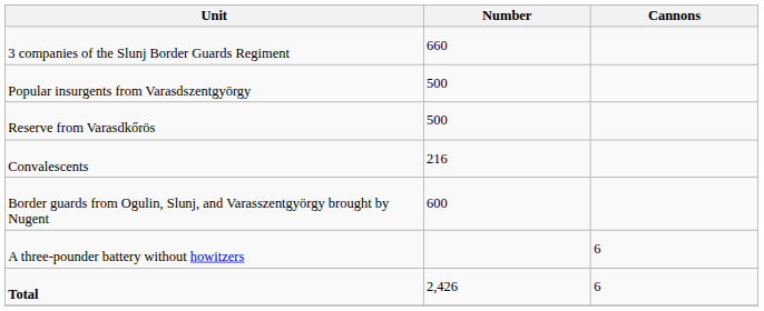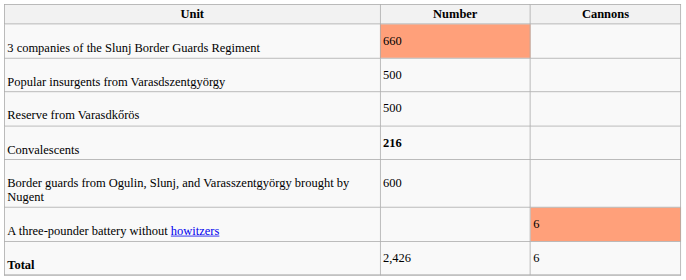 <table class="wikitable">
 <tr>
 <th width=25%>Unit</th>
 <th width=10%>Number</th>
 <th width=10%>Cannons</th>
 </tr>
 <tr>
 <td><br>3 companies of the Slunj Border Guards Regiment</td>
-<td>660</td>
+<td style="background: lightsalmon;">660</td>
 <td></td>
 </tr>
 <tr>
 <td><br>Popular insurgents from Varasdszentgyörgy</td>
 <td>500</td>
 <td></td>
 </tr>
 <tr>
 <td><br>Reserve from Varasdkőrös</td>
 <td>500</td>
 <td></td>
 </tr>
 <tr>
 <td><br>Convalescents</td>
-<td>216</td>
+<td><strong>216</strong></td>
 <td></td>
 </tr>
 <tr>
 <td><br>Border guards from Ogulin, Slunj, and Varasszentgyörgy brought by Nugent</td>
 <td>600</td>
 <td></td>
 </tr>
 <tr>
 <td><br>A three-pounder battery without <a href='#'>howitzers</a></td>
 <td></td>
-<td>6</td>
+<td style="background: lightsalmon;">6</td>
 </tr>
 <tr>
 <td><br><strong>Total</strong></td>
 <td>2,426</td>
 <td>6</td>
 </tr>
 <tr>
 </tr>
 </table>
